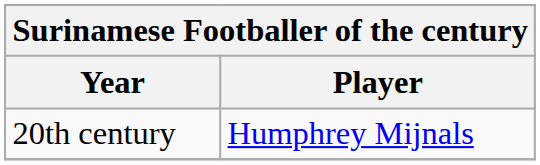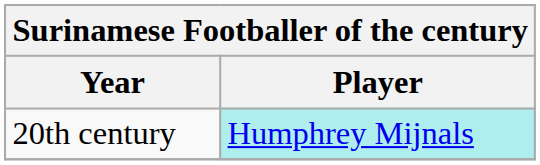 <table class="wikitable">
 <tr>
 <th colspan="3">Surinamese Footballer of the century</th>
 </tr>
 <tr>
 <th>Year</th>
 <th>Player</th>
 </tr>
 <tr>
 <td>20th century</td>
-<td><a href='#'>Humphrey Mijnals</a></td>
+<td style="background: paleturquoise;"><a href='#'>Humphrey Mijnals</a></td>
 </tr>
 <tr>
 </tr>
 </table>
